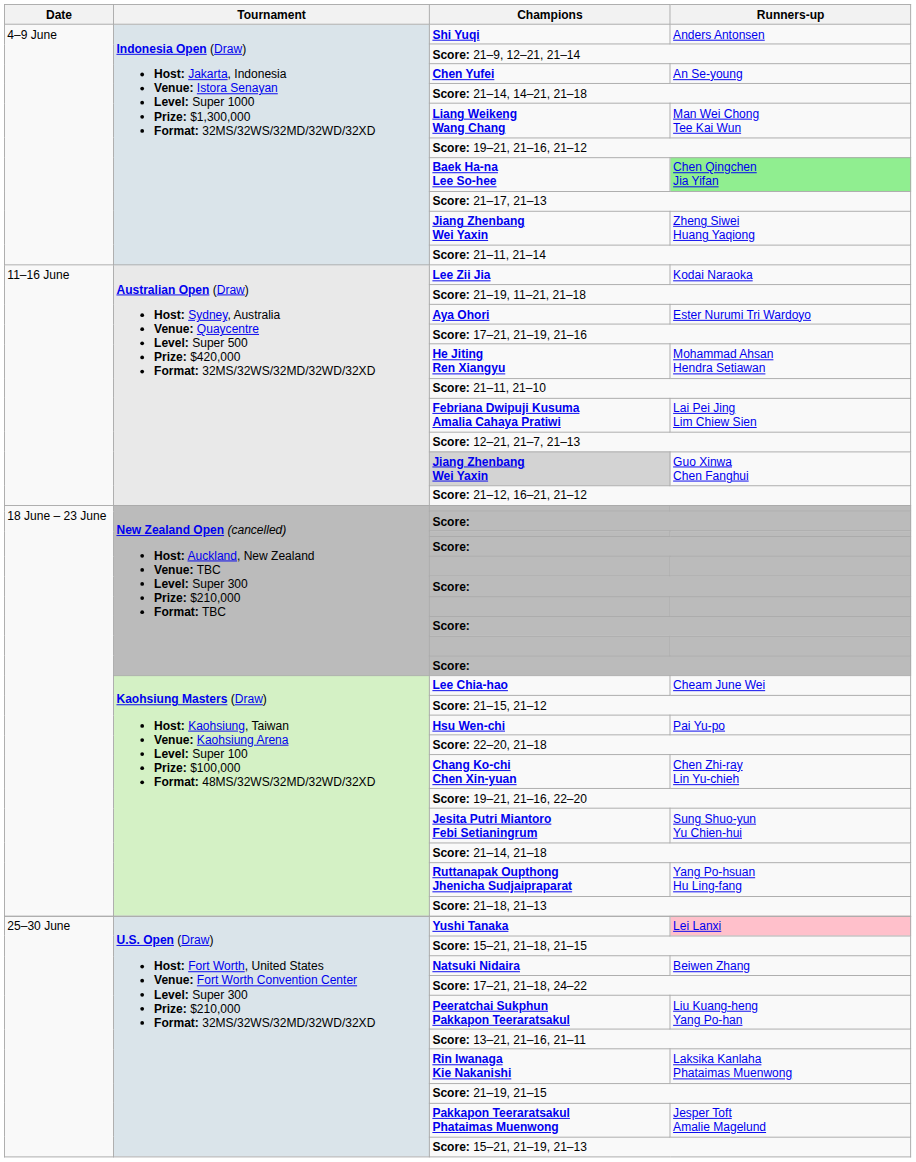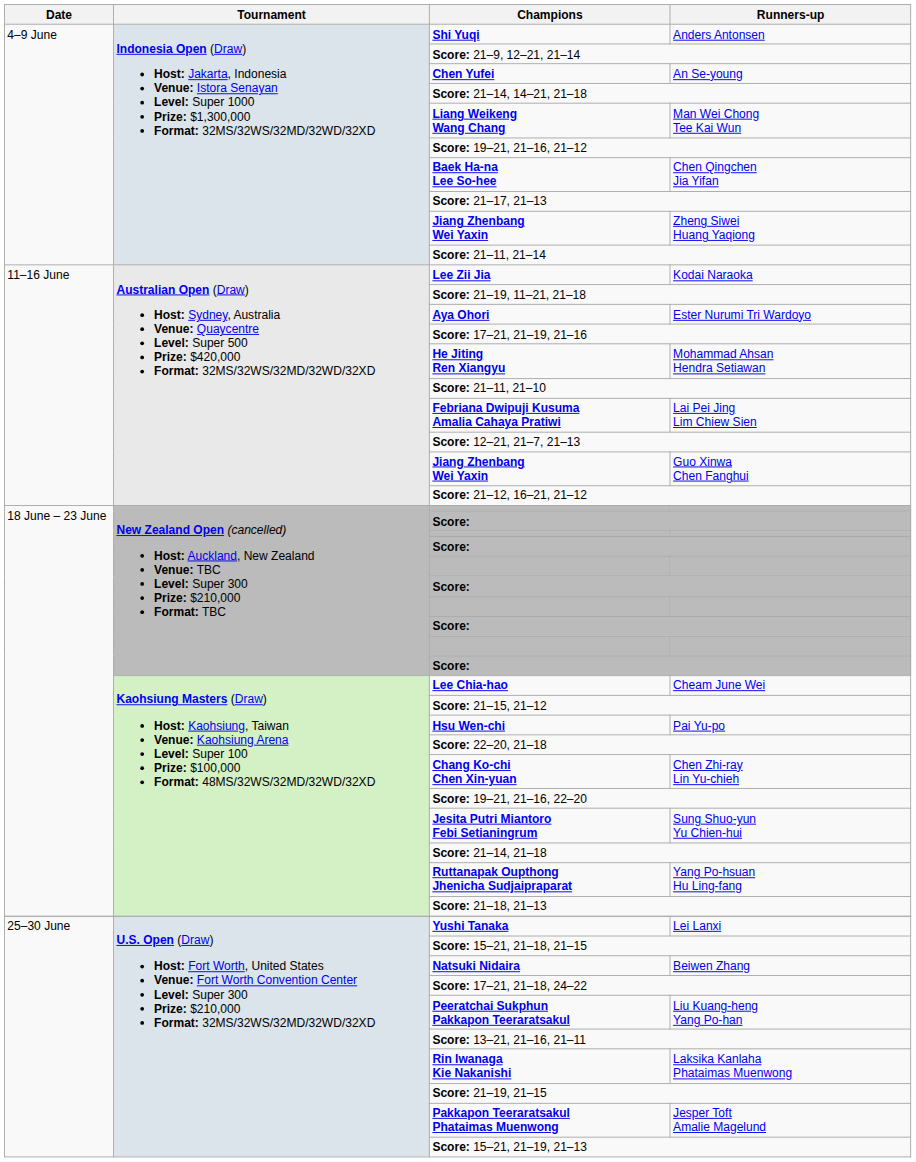 <table class="wikitable" style="font-size:80%">
 <tr>
 <th width="110">Date</th>
 <th width="330">Tournament</th>
 <th width="250">Champions</th>
 <th width="250">Runners-up</th>
 </tr>
 <tr valign="top">
 <td rowspan="10">4–9 June</td>
 <td bgcolor="#DAE4EA" rowspan="10"><br><strong><a href='#'>Indonesia Open</a></strong> (<a href='#'>Draw</a>)<ul><li><strong>Host:</strong> <a href='#'>Jakarta</a>, Indonesia</li><li><strong>Venue:</strong> <a href='#'>Istora Senayan</a></li><li><strong>Level:</strong> Super 1000</li><li><strong>Prize:</strong> $1,300,000</li><li><strong>Format:</strong> 32MS/32WS/32MD/32WD/32XD</li></ul></td>
 <td><strong> <a href='#'>Shi Yuqi</a></strong></td>
 <td> <a href='#'>Anders Antonsen</a></td>
 </tr>
 <tr>
 <td colspan="2"><strong>Score:</strong> 21–9, 12–21, 21–14</td>
 </tr>
 <tr valign="top">
 <td><strong> <a href='#'>Chen Yufei</a></strong></td>
 <td> <a href='#'>An Se-young</a></td>
 </tr>
 <tr>
 <td colspan="2"><strong>Score:</strong> 21–14, 14–21, 21–18</td>
 </tr>
 <tr valign="top">
 <td><strong> <a href='#'>Liang Weikeng</a><br> <a href='#'>Wang Chang</a></strong></td>
 <td> <a href='#'>Man Wei Chong</a><br> <a href='#'>Tee Kai Wun</a></td>
 </tr>
 <tr>
 <td colspan="2"><strong>Score:</strong> 19–21, 21–16, 21–12</td>
 </tr>
 <tr valign="top">
 <td><strong> <a href='#'>Baek Ha-na</a><br> <a href='#'>Lee So-hee</a></strong></td>
-<td style="background: lightgreen;"> <a href='#'>Chen Qingchen</a><br> <a href='#'>Jia Yifan</a></td>
+<td> <a href='#'>Chen Qingchen</a><br> <a href='#'>Jia Yifan</a></td>
 </tr>
 <tr>
 <td colspan="2"><strong>Score:</strong> 21–17, 21–13</td>
 </tr>
 <tr valign="top">
 <td><strong> <a href='#'>Jiang Zhenbang</a><br> <a href='#'>Wei Yaxin</a></strong></td>
 <td> <a href='#'>Zheng Siwei</a><br> <a href='#'>Huang Yaqiong</a></td>
 </tr>
 <tr>
 <td colspan="2"><strong>Score:</strong> 21–11, 21–14</td>
 </tr>
 <tr valign="top">
 <td rowspan="10">11–16 June</td>
 <td bgcolor="#E9E9E9" rowspan="10"><br><strong><a href='#'>Australian Open</a></strong> (<a href='#'>Draw</a>)<ul><li><strong>Host:</strong> <a href='#'>Sydney</a>, Australia</li><li><strong>Venue:</strong> <a href='#'>Quaycentre</a></li><li><strong>Level:</strong> Super 500</li><li><strong>Prize:</strong> $420,000</li><li><strong>Format:</strong> 32MS/32WS/32MD/32WD/32XD</li></ul></td>
 <td><strong> <a href='#'>Lee Zii Jia</a></strong></td>
 <td> <a href='#'>Kodai Naraoka</a></td>
 </tr>
 <tr>
 <td colspan="2"><strong>Score:</strong> 21–19, 11–21, 21–18</td>
 </tr>
 <tr valign="top">
 <td><strong> <a href='#'>Aya Ohori</a></strong></td>
 <td> <a href='#'>Ester Nurumi Tri Wardoyo</a></td>
 </tr>
 <tr>
 <td colspan="2"><strong>Score:</strong> 17–21, 21–19, 21–16</td>
 </tr>
 <tr valign="top">
 <td><strong> <a href='#'>He Jiting</a><br> <a href='#'>Ren Xiangyu</a></strong></td>
 <td> <a href='#'>Mohammad Ahsan</a><br> <a href='#'>Hendra Setiawan</a></td>
 </tr>
 <tr>
 <td colspan="2"><strong>Score:</strong> 21–11, 21–10</td>
 </tr>
 <tr valign="top">
 <td><strong> <a href='#'>Febriana Dwipuji Kusuma</a><br> <a href='#'>Amalia Cahaya Pratiwi</a></strong></td>
 <td> <a href='#'>Lai Pei Jing</a><br> <a href='#'>Lim Chiew Sien</a></td>
 </tr>
 <tr>
 <td colspan="2"><strong>Score:</strong> 12–21, 21–7, 21–13</td>
 </tr>
 <tr valign="top">
-<td style="background: lightgrey;"><strong> <a href='#'>Jiang Zhenbang</a><br> <a href='#'>Wei Yaxin</a></strong></td>
+<td><strong> <a href='#'>Jiang Zhenbang</a><br> <a href='#'>Wei Yaxin</a></strong></td>
 <td> <a href='#'>Guo Xinwa</a><br> <a href='#'>Chen Fanghui</a></td>
 </tr>
 <tr>
 <td colspan="2"><strong>Score:</strong> 21–12, 16–21, 21–12</td>
 </tr>
 <tr valign="top">
 <td rowspan="20">18 June – 23 June</td>
 <td bgcolor="#BBBBBB" rowspan="10"><br><strong><a href='#'>New Zealand Open</a></strong> <em>(cancelled)</em><ul><li><strong>Host:</strong> <a href='#'>Auckland</a>, New Zealand</li><li><strong>Venue:</strong> TBC</li><li><strong>Level:</strong> Super 300</li><li><strong>Prize:</strong> $210,000</li><li><strong>Format:</strong> TBC</li></ul></td>
 <td bgcolor="#BBBBBB"><strong> </strong></td>
 <td bgcolor="#BBBBBB"></td>
 </tr>
 <tr bgcolor="#BBBBBB">
 <td colspan="2"><strong>Score:</strong></td>
 </tr>
 <tr valign="top" bgcolor="#BBBBBB">
 <td><strong> </strong></td>
 <td></td>
 </tr>
 <tr bgcolor="#BBBBBB">
 <td colspan="2"><strong>Score:</strong></td>
 </tr>
 <tr valign="top" bgcolor="#BBBBBB">
 <td><strong> <br> </strong></td>
 <td> <br></td>
 </tr>
 <tr bgcolor="#BBBBBB">
 <td colspan="2"><strong>Score:</strong></td>
 </tr>
 <tr valign="top" bgcolor="#BBBBBB">
 <td><strong> <br> </strong></td>
 <td> <br></td>
 </tr>
 <tr bgcolor="#BBBBBB">
 <td colspan="2"><strong>Score:</strong></td>
 </tr>
 <tr valign="top" bgcolor="#BBBBBB">
 <td><strong> <br> </strong></td>
 <td> <br></td>
 </tr>
 <tr bgcolor="#BBBBBB">
 <td colspan="2"><strong>Score:</strong></td>
 </tr>
 <tr valign="top">
 <td bgcolor="#D4F1C5" rowspan="10"><br><strong><a href='#'>Kaohsiung Masters</a></strong> (<a href='#'>Draw</a>)<ul><li><strong>Host:</strong> <a href='#'>Kaohsiung</a>, Taiwan</li><li><strong>Venue:</strong> <a href='#'>Kaohsiung Arena</a></li><li><strong>Level:</strong> Super 100</li><li><strong>Prize:</strong> $100,000</li><li><strong>Format:</strong> 48MS/32WS/32MD/32WD/32XD</li></ul></td>
 <td><strong> <a href='#'>Lee Chia-hao</a></strong></td>
 <td> <a href='#'>Cheam June Wei</a></td>
 </tr>
 <tr>
 <td colspan="2"><strong>Score:</strong> 21–15, 21–12</td>
 </tr>
 <tr valign="top">
 <td><strong> <a href='#'>Hsu Wen-chi</a></strong></td>
 <td> <a href='#'>Pai Yu-po</a></td>
 </tr>
 <tr>
 <td colspan="2"><strong>Score:</strong> 22–20, 21–18</td>
 </tr>
 <tr valign="top">
 <td><strong> <a href='#'>Chang Ko-chi</a><br> <a href='#'>Chen Xin-yuan</a></strong></td>
 <td> <a href='#'>Chen Zhi-ray</a><br> <a href='#'>Lin Yu-chieh</a></td>
 </tr>
 <tr>
 <td colspan="2"><strong>Score:</strong> 19–21, 21–16, 22–20</td>
 </tr>
 <tr valign="top">
 <td><strong> <a href='#'>Jesita Putri Miantoro</a><br> <a href='#'>Febi Setianingrum</a></strong></td>
 <td> <a href='#'>Sung Shuo-yun</a><br> <a href='#'>Yu Chien-hui</a></td>
 </tr>
 <tr>
 <td colspan="2"><strong>Score:</strong> 21–14, 21–18</td>
 </tr>
 <tr valign="top">
 <td><strong> <a href='#'>Ruttanapak Oupthong</a> <br> <a href='#'>Jhenicha Sudjaipraparat</a></strong></td>
 <td> <a href='#'>Yang Po-hsuan</a><br> <a href='#'>Hu Ling-fang</a></td>
 </tr>
 <tr>
 <td colspan="2"><strong>Score:</strong> 21–18, 21–13</td>
 </tr>
 <tr>
 </tr>
 <tr valign="top">
 <td rowspan="10">25–30 June</td>
 <td bgcolor="#DAE4EA" rowspan="10"><br><strong><a href='#'>U.S. Open</a></strong> (<a href='#'>Draw</a>)<ul><li><strong>Host:</strong> <a href='#'>Fort Worth</a>, United States</li><li><strong>Venue:</strong> <a href='#'>Fort Worth Convention Center</a></li><li><strong>Level:</strong> Super 300</li><li><strong>Prize:</strong> $210,000</li><li><strong>Format:</strong> 32MS/32WS/32MD/32WD/32XD</li></ul></td>
 <td><strong> <a href='#'>Yushi Tanaka</a> </strong></td>
-<td style="background: pink;"> <a href='#'>Lei Lanxi</a></td>
+<td> <a href='#'>Lei Lanxi</a></td>
 </tr>
 <tr>
 <td colspan="2"><strong>Score:</strong> 15–21, 21–18, 21–15</td>
 </tr>
 <tr valign="top">
 <td><strong> <a href='#'>Natsuki Nidaira</a></strong></td>
 <td> <a href='#'>Beiwen Zhang</a></td>
 </tr>
 <tr>
 <td colspan="2"><strong>Score:</strong> 17–21, 21–18, 24–22</td>
 </tr>
 <tr valign="top">
 <td><strong> <a href='#'>Peeratchai Sukphun</a><br> <a href='#'>Pakkapon Teeraratsakul</a></strong></td>
 <td> <a href='#'>Liu Kuang-heng</a><br> <a href='#'>Yang Po-han</a></td>
 </tr>
 <tr>
 <td colspan="2"><strong>Score:</strong> 13–21, 21–16, 21–11</td>
 </tr>
 <tr valign="top">
 <td><strong> <a href='#'>Rin Iwanaga</a> <br> <a href='#'>Kie Nakanishi</a></strong></td>
 <td> <a href='#'>Laksika Kanlaha</a> <br> <a href='#'>Phataimas Muenwong</a></td>
 </tr>
 <tr>
 <td colspan="2"><strong>Score:</strong> 21–19, 21–15</td>
 </tr>
 <tr valign="top">
 <td><strong> <a href='#'>Pakkapon Teeraratsakul</a><br> <a href='#'>Phataimas Muenwong</a></strong></td>
 <td> <a href='#'>Jesper Toft</a><br> <a href='#'>Amalie Magelund</a></td>
 </tr>
 <tr>
 <td colspan="2"><strong>Score:</strong> 15–21, 21–19, 21–13</td>
 </tr>
 </table>
